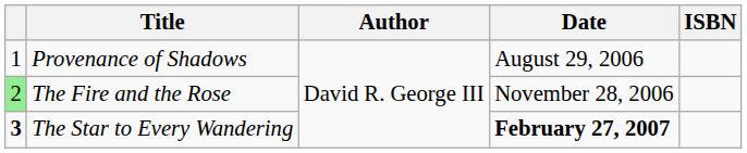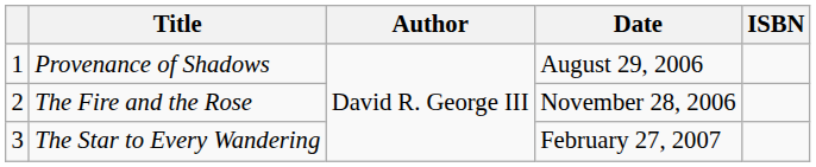 <table class="wikitable">
 <tr>
 <th></th>
 <th>Title</th>
 <th>Author</th>
 <th>Date</th>
 <th>ISBN</th>
 </tr>
 <tr>
 <td>1</td>
 <td><em>Provenance of Shadows</em></td>
 <td rowspan="3">David R. George III</td>
 <td>August 29, 2006</td>
 <td></td>
 </tr>
 <tr>
-<td style="background: lightgreen;">2</td>
+<td>2</td>
 <td><em>The Fire and the Rose</em></td>
 <td>November 28, 2006</td>
 <td></td>
 </tr>
 <tr>
-<td><strong>3</strong></td>
+<td>3</td>
 <td><em>The Star to Every Wandering</em></td>
-<td><strong>February 27, 2007</strong></td>
+<td>February 27, 2007</td>
 <td></td>
 </tr>
 </table>
